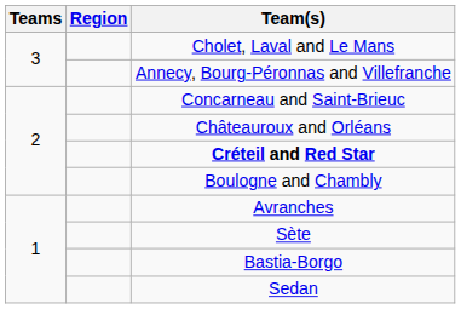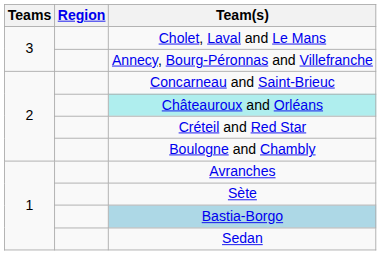 <table class="wikitable" style="text-align:center">
 <tr>
 <th>Teams</th>
 <th><a href='#'>Region</a></th>
 <th>Team(s)</th>
 </tr>
 <tr>
 <td rowspan="2">3</td>
 <td align="left"></td>
 <td><a href='#'>Cholet</a>, <a href='#'>Laval</a> and <a href='#'>Le Mans</a></td>
 </tr>
 <tr>
 <td align="left"></td>
 <td><a href='#'>Annecy</a>, <a href='#'>Bourg-Péronnas</a> and <a href='#'>Villefranche</a></td>
 </tr>
 <tr>
 <td rowspan="4">2</td>
 <td align="left"></td>
 <td><a href='#'>Concarneau</a> and <a href='#'>Saint-Brieuc</a></td>
 </tr>
 <tr>
 <td align="left"></td>
-<td><a href='#'>Châteauroux</a> and <a href='#'>Orléans</a></td>
+<td style="background: paleturquoise;"><a href='#'>Châteauroux</a> and <a href='#'>Orléans</a></td>
 </tr>
 <tr>
 <td align="left"></td>
-<td><strong><a href='#'>Créteil</a> and <a href='#'>Red Star</a></strong></td>
+<td><a href='#'>Créteil</a> and <a href='#'>Red Star</a></td>
 </tr>
 <tr>
 <td align="left"></td>
 <td><a href='#'>Boulogne</a> and <a href='#'>Chambly</a></td>
 </tr>
 <tr>
 <td rowspan="4">1</td>
 <td align="left"></td>
 <td><a href='#'>Avranches</a></td>
 </tr>
 <tr>
 <td align="left"></td>
 <td><a href='#'>Sète</a></td>
 </tr>
 <tr>
 <td align="left"></td>
-<td><a href='#'>Bastia-Borgo</a></td>
+<td style="background: lightblue;"><a href='#'>Bastia-Borgo</a></td>
 </tr>
 <tr>
 <td align="left"></td>
 <td><a href='#'>Sedan</a></td>
 </tr>
 </table>
